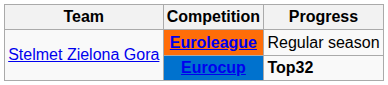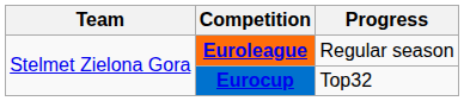 <table class="wikitable sortable">
 <tr>
 <th>Team</th>
 <th>Competition</th>
 <th>Progress</th>
 </tr>
 <tr>
 <td rowspan=2><a href='#'>Stelmet Zielona Gora</a></td>
 <td style="background-color:#FF6D09;color:white;text-align:center"><strong><a href='#'><span>Euroleague</span></a></strong></td>
 <td>Regular season</td>
 </tr>
 <tr>
 <td style="background-color:#0072CE;color:#D0D3D4;text-align:center"><strong><a href='#'><span>Eurocup</span></a></strong></td>
-<td><strong>Top32</strong></td>
+<td>Top32</td>
 </tr>
 <tr>
 </tr>
 </table>
